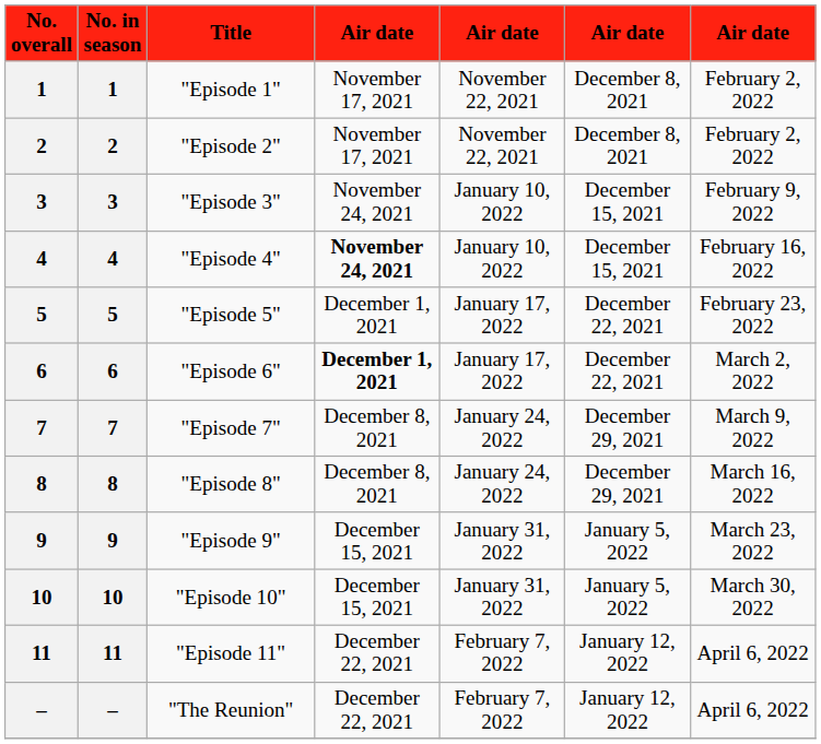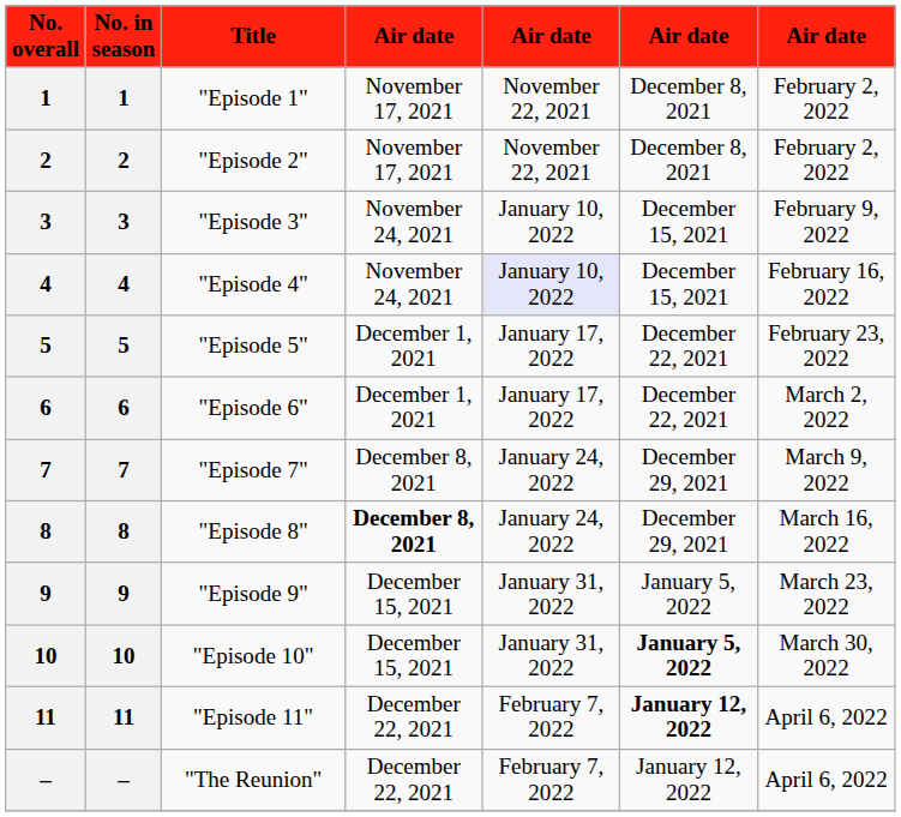 <table class="wikitable" style="text-align:center; width:100%;">
 <tr style="background:#FF2211;"|>
 <td width="8%"><strong>No.<br>overall</strong></td>
 <td width="8%"><strong>No. in<br>season</strong></td>
 <td width="20%"><strong>Title</strong></td>
 <td width="15%"><strong>Air date<br></strong></td>
 <td width="15%"><strong>Air date<br></strong></td>
 <td width="15%"><strong>Air date<br></strong></td>
 <td width="15%"><strong>Air date<br></strong></td>
 </tr>
 <tr>
 <th>1</th>
 <th>1</th>
 <td>"Episode 1"</td>
 <td>November 17, 2021</td>
 <td>November 22, 2021</td>
 <td>December 8, 2021</td>
 <td>February 2, 2022</td>
 </tr>
 <tr>
 <th>2</th>
 <th>2</th>
 <td>"Episode 2"</td>
 <td>November 17, 2021</td>
 <td>November 22, 2021</td>
 <td>December 8, 2021</td>
 <td>February 2, 2022</td>
 </tr>
 <tr>
 <th>3</th>
 <th>3</th>
 <td>"Episode 3"</td>
 <td>November 24, 2021</td>
 <td>January 10, 2022</td>
 <td>December 15, 2021</td>
 <td>February 9, 2022</td>
 </tr>
 <tr>
 <th>4</th>
 <th>4</th>
 <td>"Episode 4"</td>
-<td><strong>November 24, 2021</strong></td>
-<td>January 10, 2022</td>
+<td>November 24, 2021</td>
+<td style="background: lavender;">January 10, 2022</td>
 <td>December 15, 2021</td>
 <td>February 16, 2022</td>
 </tr>
 <tr>
 <th>5</th>
 <th>5</th>
 <td>"Episode 5"</td>
 <td>December 1, 2021</td>
 <td>January 17, 2022</td>
 <td>December 22, 2021</td>
 <td>February 23, 2022</td>
 </tr>
 <tr>
 <th>6</th>
 <th>6</th>
 <td>"Episode 6"</td>
-<td><strong>December 1, 2021</strong></td>
+<td>December 1, 2021</td>
 <td>January 17, 2022</td>
 <td>December 22, 2021</td>
 <td>March 2, 2022</td>
 </tr>
 <tr>
 <th>7</th>
 <th>7</th>
 <td>"Episode 7"</td>
 <td>December 8, 2021</td>
 <td>January 24, 2022</td>
 <td>December 29, 2021</td>
 <td>March 9, 2022</td>
 </tr>
 <tr>
 <th>8</th>
 <th>8</th>
 <td>"Episode 8"</td>
-<td>December 8, 2021</td>
+<td><strong>December 8, 2021</strong></td>
 <td>January 24, 2022</td>
 <td>December 29, 2021</td>
 <td>March 16, 2022</td>
 </tr>
 <tr>
 <th>9</th>
 <th>9</th>
 <td>"Episode 9"</td>
 <td>December 15, 2021</td>
 <td>January 31, 2022</td>
 <td>January 5, 2022</td>
 <td>March 23, 2022</td>
 </tr>
 <tr>
 <th>10</th>
 <th>10</th>
 <td>"Episode 10"</td>
 <td>December 15, 2021</td>
 <td>January 31, 2022</td>
-<td>January 5, 2022</td>
+<td><strong>January 5, 2022</strong></td>
 <td>March 30, 2022</td>
 </tr>
 <tr>
 <th>11</th>
 <th>11</th>
 <td>"Episode 11"</td>
 <td>December 22, 2021</td>
 <td>February 7, 2022</td>
-<td>January 12, 2022</td>
+<td><strong>January 12, 2022</strong></td>
 <td>April 6, 2022</td>
 </tr>
 <tr>
 <th>–</th>
 <th>–</th>
 <td>"The Reunion"</td>
 <td>December 22, 2021</td>
 <td>February 7, 2022</td>
 <td>January 12, 2022</td>
 <td>April 6, 2022</td>
 </tr>
 <tr>
 </tr>
 </table>
